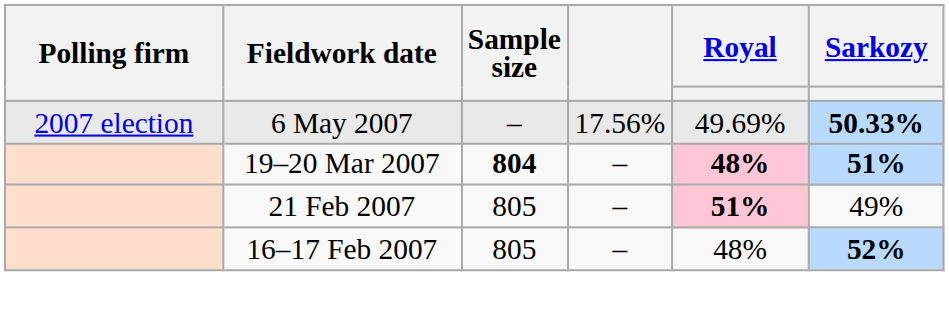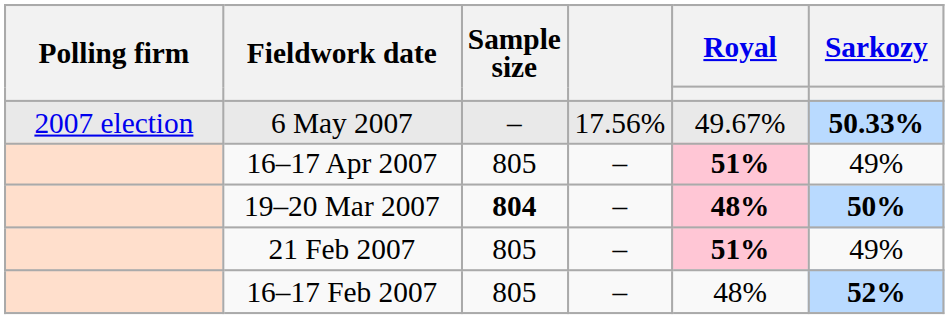 <table class="wikitable sortable" style="text-align:center;font-size:90%;line-height:14px;">
 <tr style="height:40px;">
 <th style="width:100px;" rowspan="2">Polling firm</th>
 <th style="width:110px;" rowspan="2">Fieldwork date</th>
 <th style="width:35px;" rowspan="2">Sample<br>size</th>
 <th style="width:30px;" rowspan="2"></th>
 <th class="unsortable" style="width:60px;"><a href='#'>Royal</a><br></th>
 <th class="unsortable" style="width:60px;"><a href='#'>Sarkozy</a><br></th>
 </tr>
 <tr>
 <th style="background:"></th>
 <th style="background:"></th>
 </tr>
 <tr style="background:#E9E9E9;">
 <td><a href='#'>2007 election</a></td>
 <td data-sort-value="2007-05-06">6 May 2007</td>
 <td>–</td>
 <td>17.56%</td>
-<td>49.69%</td>
+<td>49.67%</td>
 <td style="background:#B9DAFF;"><strong>50.33%</strong></td>
+</tr>
+<tr>
+<td style="background:#FFDFCC;"></td>
+<td data-sort-value="2007-04-17">16–17 Apr 2007</td>
+<td>805</td>
+<td>–</td>
+<td style="background:#FFC6D5;"><strong>51%</strong></td>
+<td>49%</td>
 </tr>
 <tr>
 <td style="background:#FFDFCC;"></td>
 <td data-sort-value="2007-03-20">19–20 Mar 2007</td>
 <td><strong>804</strong></td>
 <td>–</td>
 <td style="background:#FFC6D5;"><strong>48%</strong></td>
-<td style="background:#B9DAFF;"><strong>51%</strong></td>
+<td style="background:#B9DAFF;"><strong>50%</strong></td>
 </tr>
 <tr>
 <td style="background:#FFDFCC;"></td>
 <td data-sort-value="2007-02-21">21 Feb 2007</td>
 <td>805</td>
 <td>–</td>
 <td style="background:#FFC6D5;"><strong>51%</strong></td>
 <td>49%</td>
 </tr>
 <tr>
 <td style="background:#FFDFCC;"></td>
 <td data-sort-value="2007-02-17">16–17 Feb 2007</td>
 <td>805</td>
 <td>–</td>
 <td>48%</td>
 <td style="background:#B9DAFF;"><strong>52%</strong></td>
 </tr>
 </table>
